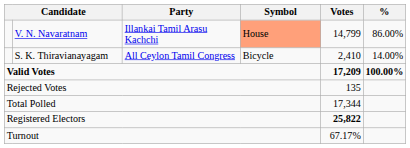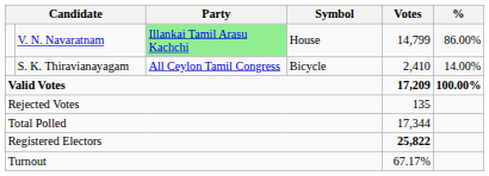 <table class="wikitable" border="1" style="text-align:right;">
 <tr>
 <th align=left colspan=2 width="180">Candidate</th>
 <th align=left width="180">Party</th>
 <th align=left width="120">Symbol</th>
 <th align=left width="60">Votes</th>
 <th align=left width="60">%</th>
 </tr>
 <tr>
 <td bgcolor=> </td>
 <td align=left><a href='#'>V. N. Navaratnam</a></td>
-<td align=left><a href='#'>Illankai Tamil Arasu Kachchi</a></td>
-<td align=left style="background: lightsalmon;">House</td>
+<td align=left style="background: lightgreen;"><a href='#'>Illankai Tamil Arasu Kachchi</a></td>
+<td align=left>House</td>
 <td>14,799</td>
 <td>86.00%</td>
 </tr>
 <tr>
 <td bgcolor=> </td>
 <td align=left>S. K. Thiravianayagam</td>
 <td align=left><a href='#'>All Ceylon Tamil Congress</a></td>
 <td align=left>Bicycle</td>
 <td>2,410</td>
 <td>14.00%</td>
 </tr>
 <tr>
 <td align=left colspan=4><strong>Valid Votes</strong></td>
 <td><strong>17,209</strong></td>
 <td><strong>100.00%</strong></td>
 </tr>
 <tr>
 <td align=left colspan=4>Rejected Votes</td>
 <td>135</td>
 <td></td>
 </tr>
 <tr>
 <td align=left colspan=4>Total Polled</td>
 <td>17,344</td>
 <td></td>
 </tr>
 <tr>
 <td align=left colspan=4>Registered Electors</td>
 <td><strong>25,822</strong></td>
 <td></td>
 </tr>
 <tr>
 <td align=left colspan=4>Turnout</td>
 <td>67.17%</td>
 </tr>
 </table>
